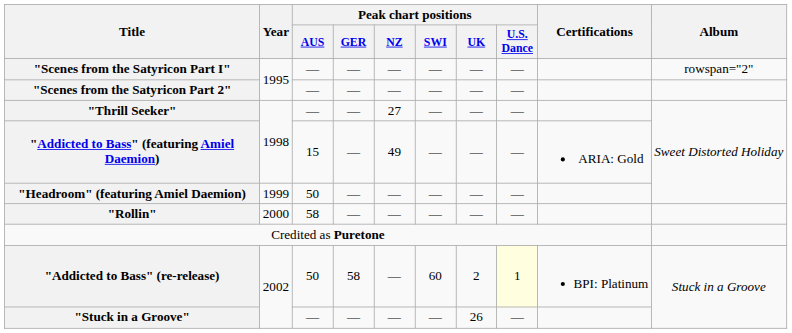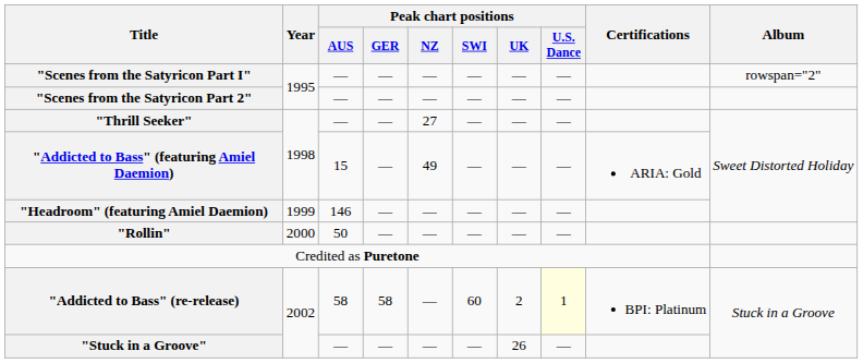 <table class="wikitable plainrowheaders" style="text-align:center;" border="1">
 <tr>
 <th scope="col" rowspan="2" style="width:19em;">Title</th>
 <th scope="col" rowspan="2" style="width:1em;">Year</th>
 <th scope="col" colspan="6">Peak chart positions</th>
 <th scope="col" rowspan="2">Certifications</th>
 <th scope="col" rowspan="2">Album</th>
 </tr>
 <tr>
 <th scope="col" style="width:3em;font-size:90%;"><a href='#'>AUS</a><br></th>
 <th scope="col" style="width:3em;font-size:90%;"><a href='#'>GER</a><br></th>
 <th scope="col" style="width:3em;font-size:90%;"><a href='#'>NZ</a><br></th>
 <th scope="col" style="width:3em;font-size:90%;"><a href='#'>SWI</a><br></th>
 <th scope="col" style="width:3em;font-size:90%;"><a href='#'>UK</a><br></th>
 <th scope="col" style="width:3em;font-size:90%;"><a href='#'>U.S. Dance</a><br></th>
 </tr>
 <tr>
 <th scope="row">"Scenes from the Satyricon Part I"</th>
 <td rowspan="2">1995</td>
 <td>—</td>
 <td>—</td>
 <td>—</td>
 <td>—</td>
 <td>—</td>
 <td>—</td>
 <td></td>
 <td>rowspan="2"</td>
 </tr>
 <tr>
 <th scope="row">"Scenes from the Satyricon Part 2"</th>
 <td>—</td>
 <td>—</td>
 <td>—</td>
 <td>—</td>
 <td>—</td>
 <td>—</td>
 <td></td>
 </tr>
 <tr>
 <th scope="row">"Thrill Seeker"</th>
 <td rowspan="2">1998</td>
 <td>—</td>
 <td>—</td>
 <td>27</td>
 <td>—</td>
 <td>—</td>
 <td>—</td>
 <td></td>
 <td rowspan="3"><em>Sweet Distorted Holiday</em></td>
 </tr>
 <tr>
 <th scope="row">"<a href='#'>Addicted to Bass</a>" <span>(featuring <a href='#'>Amiel Daemion</a>)</span></th>
 <td>15</td>
 <td>—</td>
 <td>49</td>
 <td>—</td>
 <td>—</td>
 <td>—</td>
 <td><br><ul><li>ARIA: Gold</li></ul></td>
 </tr>
 <tr>
 <th scope="row">"Headroom" <span>(featuring Amiel Daemion)</span></th>
 <td>1999</td>
-<td>50</td>
+<td>146</td>
 <td>—</td>
 <td>—</td>
 <td>—</td>
 <td>—</td>
 <td>—</td>
 <td></td>
 </tr>
 <tr>
 <th scope="row">"Rollin"</th>
 <td>2000</td>
-<td>58</td>
+<td>50</td>
 <td>—</td>
 <td>—</td>
 <td>—</td>
 <td>—</td>
 <td>—</td>
 <td></td>
 <td></td>
 </tr>
 <tr>
 <td colspan=9>Credited as <strong>Puretone</strong></td>
 </tr>
 <tr>
 <th scope="row">"Addicted to Bass" <span>(re-release)</span></th>
 <td rowspan="2">2002</td>
-<td>50</td>
+<td>58</td>
 <td>58</td>
 <td>—</td>
 <td>60</td>
 <td>2</td>
 <td style="background: lightyellow;">1</td>
 <td><br><ul><li>BPI: Platinum</li></ul></td>
 <td rowspan="2"><em>Stuck in a Groove</em></td>
 </tr>
 <tr>
 <th scope="row">"Stuck in a Groove"</th>
 <td>—</td>
 <td>—</td>
 <td>—</td>
 <td>—</td>
 <td>26</td>
 <td>—</td>
 <td></td>
 </tr>
 </table>
